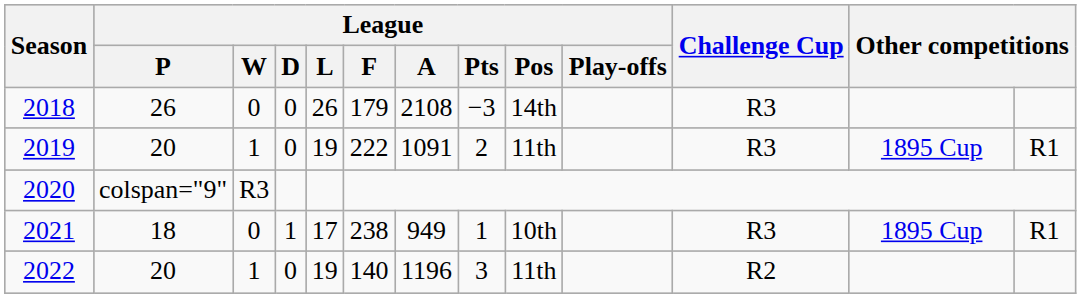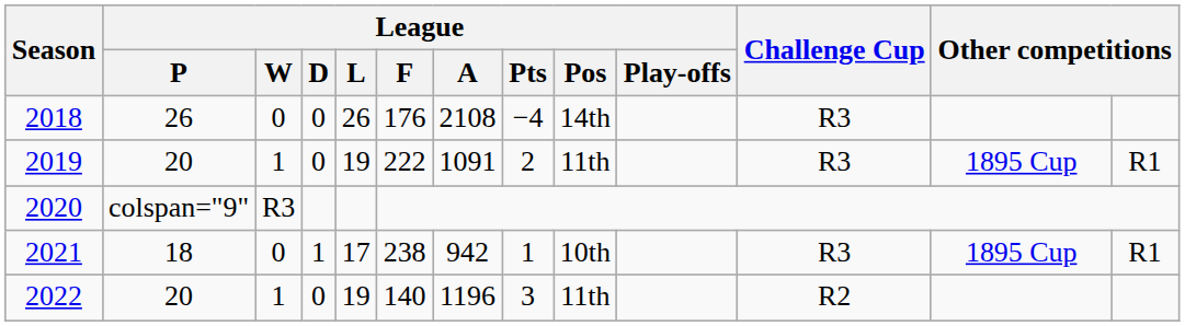 <table class="wikitable" style="text-align: center">
 <tr>
 <th rowspan=2>Season</th>
 <th colspan=9>League</th>
 <th rowspan=2><a href='#'>Challenge Cup</a></th>
 <th colspan="2" rowspan="2" scope="col">Other competitions</th>
 </tr>
 <tr>
 <th>P</th>
 <th>W</th>
 <th>D</th>
 <th>L</th>
 <th>F</th>
 <th>A</th>
 <th>Pts</th>
 <th>Pos</th>
 <th>Play-offs</th>
 </tr>
 <tr>
 <td><a href='#'>2018</a></td>
 <td>26</td>
 <td>0</td>
 <td>0</td>
 <td>26</td>
-<td>179</td>
+<td>176</td>
 <td>2108</td>
-<td>−3</td>
+<td>−4</td>
 <td>14th</td>
 <td></td>
 <td>R3</td>
 <td></td>
 <td></td>
 </tr>
 <tr>
 <td><a href='#'>2019</a></td>
 <td>20</td>
 <td>1</td>
 <td>0</td>
 <td>19</td>
 <td>222</td>
 <td>1091</td>
 <td>2</td>
 <td>11th</td>
 <td></td>
 <td>R3</td>
 <td><a href='#'>1895 Cup</a></td>
 <td>R1</td>
 </tr>
 <tr>
 <td><a href='#'>2020</a></td>
 <td>colspan="9"</td>
 <td>R3</td>
 <td></td>
 <td></td>
 </tr>
 <tr>
 <td><a href='#'>2021</a></td>
 <td>18</td>
 <td>0</td>
 <td>1</td>
 <td>17</td>
 <td>238</td>
-<td>949</td>
+<td>942</td>
 <td>1</td>
 <td>10th</td>
 <td></td>
 <td>R3</td>
 <td><a href='#'>1895 Cup</a></td>
 <td>R1</td>
 </tr>
 <tr>
 <td><a href='#'>2022</a></td>
 <td>20</td>
 <td>1</td>
 <td>0</td>
 <td>19</td>
 <td>140</td>
 <td>1196</td>
 <td>3</td>
 <td>11th</td>
 <td></td>
 <td>R2</td>
 <td></td>
 <td></td>
 </tr>
 </table>
